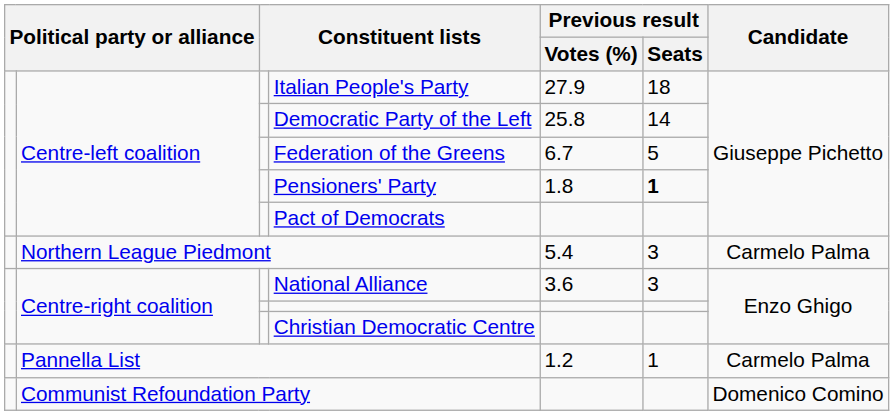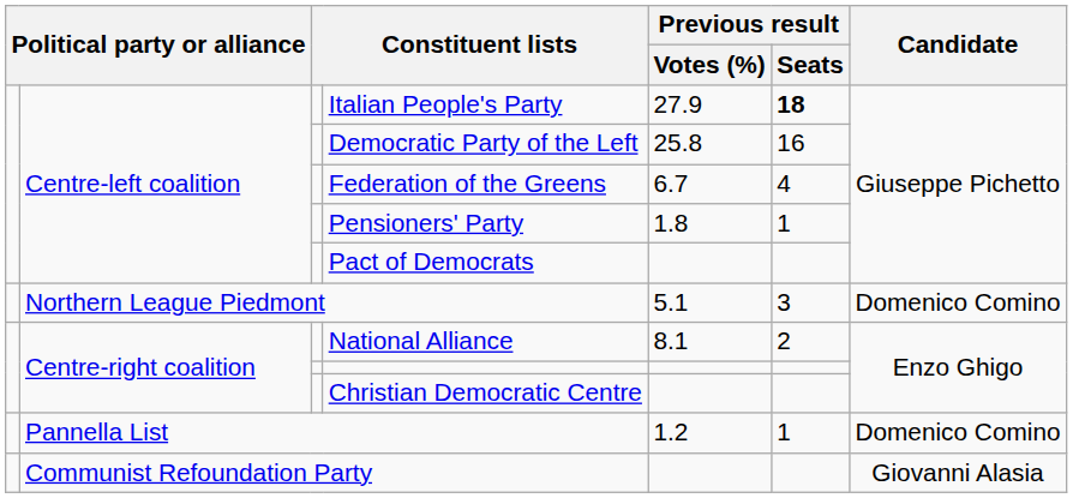 <table class="wikitable" style="text-align:left">
 <tr>
 <th colspan=2 rowspan="2">Political party or alliance</th>
 <th colspan=2 rowspan="2">Constituent lists</th>
 <th colspan="2">Previous result</th>
 <th rowspan="2">Candidate</th>
 </tr>
 <tr>
 <th>Votes (%)</th>
 <th>Seats</th>
 </tr>
 <tr>
 <td rowspan="5"></td>
 <td rowspan="5"><a href='#'>Centre-left coalition</a></td>
 <td></td>
 <td><a href='#'>Italian People's Party</a></td>
 <td>27.9</td>
-<td>18</td>
+<td><strong>18</strong></td>
 <td rowspan="5" style="text-align: center;">Giuseppe Pichetto</td>
 </tr>
 <tr>
 <td></td>
 <td style="text-align:left;"><a href='#'>Democratic Party of the Left</a></td>
 <td>25.8</td>
-<td>14</td>
+<td>16</td>
 </tr>
 <tr>
 <td></td>
 <td><a href='#'>Federation of the Greens</a></td>
 <td>6.7</td>
-<td>5</td>
+<td>4</td>
 </tr>
 <tr>
 <td></td>
 <td><a href='#'>Pensioners' Party</a></td>
 <td>1.8</td>
-<td><strong>1</strong></td>
+<td>1</td>
 </tr>
 <tr>
 <td></td>
 <td><a href='#'>Pact of Democrats</a></td>
 <td></td>
 <td></td>
 </tr>
 <tr>
 <td></td>
 <td colspan="3"><a href='#'>Northern League Piedmont</a></td>
-<td>5.4</td>
+<td>5.1</td>
 <td>3</td>
-<td style="text-align: center;">Carmelo Palma</td>
+<td style="text-align: center;">Domenico Comino</td>
 </tr>
 <tr>
 <td rowspan="3" style="background:"></td>
 <td rowspan=3><a href='#'>Centre-right coalition</a></td>
 <td></td>
 <td style="text-align:left;"><a href='#'>National Alliance</a></td>
-<td>3.6</td>
-<td>3</td>
+<td>8.1</td>
+<td>2</td>
 <td rowspan="3" style="text-align: center;">Enzo Ghigo</td>
 </tr>
 <tr>
 <td></td>
 <td style="text-align:left;"></td>
 <td></td>
 <td></td>
 </tr>
 <tr>
 <td></td>
 <td style="text-align:left;"><a href='#'>Christian Democratic Centre</a></td>
 <td></td>
 <td></td>
 </tr>
 <tr>
 <td></td>
 <td colspan="3"><a href='#'>Pannella List</a></td>
 <td>1.2</td>
 <td>1</td>
-<td style="text-align: center;">Carmelo Palma</td>
+<td style="text-align: center;">Domenico Comino</td>
 </tr>
 <tr>
 <td style="background-color:"></td>
 <td colspan="3"><a href='#'>Communist Refoundation Party</a></td>
 <td></td>
 <td></td>
-<td style="text-align: center;">Domenico Comino</td>
+<td style="text-align: center;">Giovanni Alasia</td>
 </tr>
 </table>
